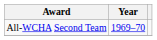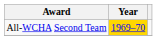 <table class="wikitable">
 <tr>
 <th>Award</th>
 <th>Year</th>
 <th></th>
 </tr>
 <tr>
 <td>All-<a href='#'>WCHA</a> <a href='#'>Second Team</a></td>
-<td><a href='#'>1969–70</a></td>
+<td style="background: gold;"><a href='#'>1969–70</a></td>
 <td></td>
 </tr>
 <tr>
 </tr>
 </table>
